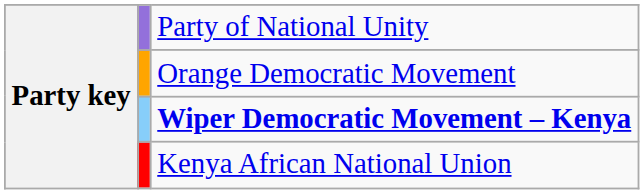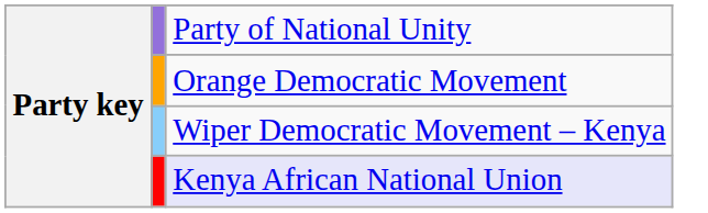 <table class=wikitable>
 <tr>
 <th rowspan=5>Party key</th>
 <td style="background:#9370DB"></td>
 <td><a href='#'>Party of National Unity</a></td>
 </tr>
 <tr>
 <td style="background:#FFA500"></td>
 <td><a href='#'>Orange Democratic Movement</a></td>
 </tr>
 <tr>
 <td style="background:#87CEFA"></td>
-<td><strong><a href='#'>Wiper Democratic Movement – Kenya</a></strong></td>
+<td><a href='#'>Wiper Democratic Movement – Kenya</a></td>
 </tr>
 <tr>
 <td style="background:#FF0000"></td>
-<td><a href='#'>Kenya African National Union</a></td>
+<td style="background: lavender;"><a href='#'>Kenya African National Union</a></td>
 </tr>
 </table>
